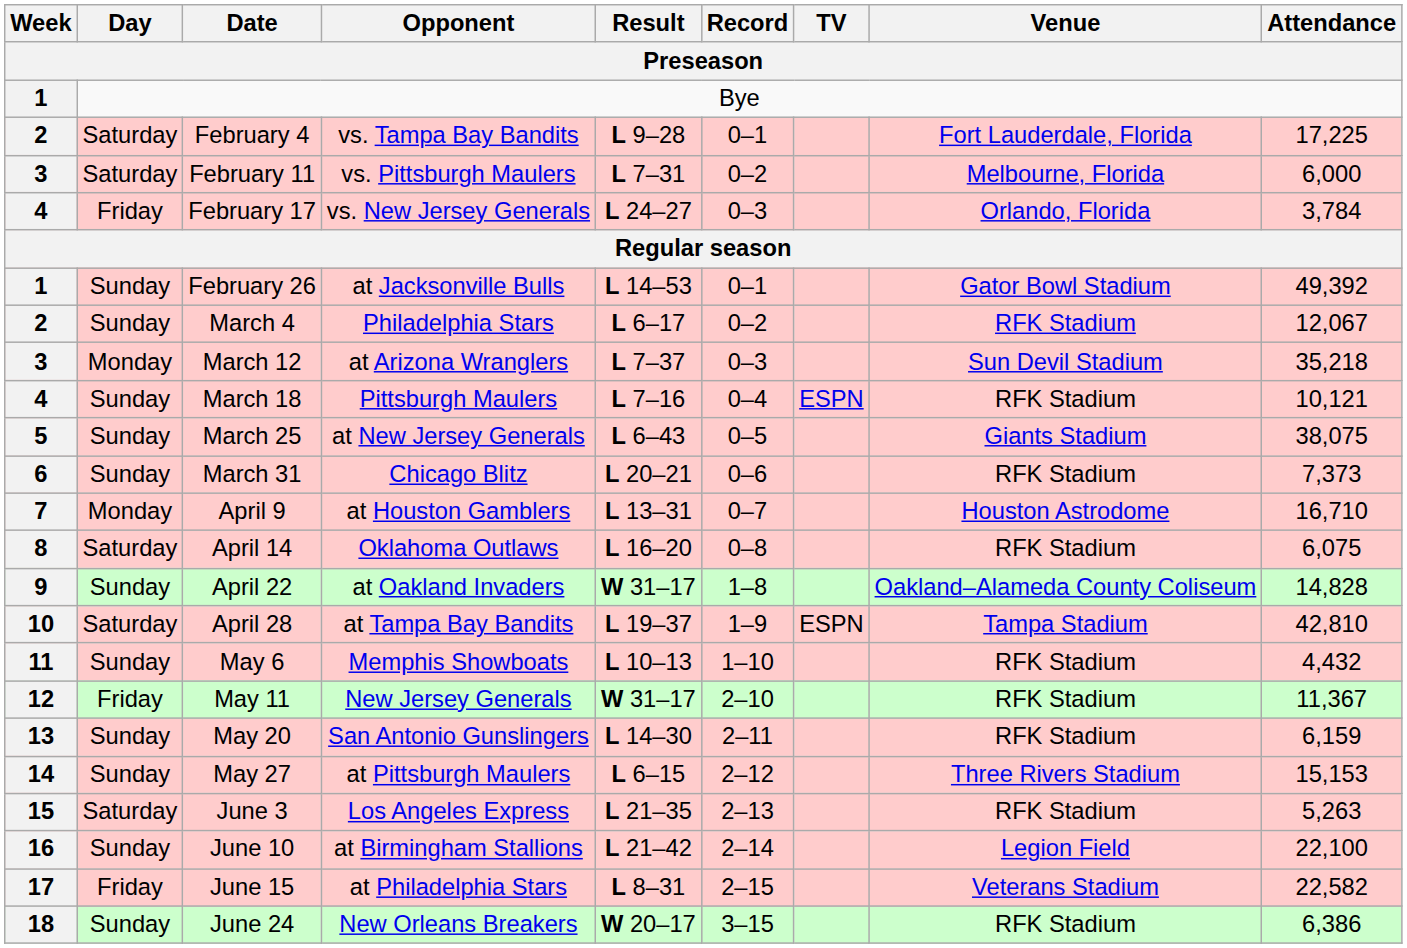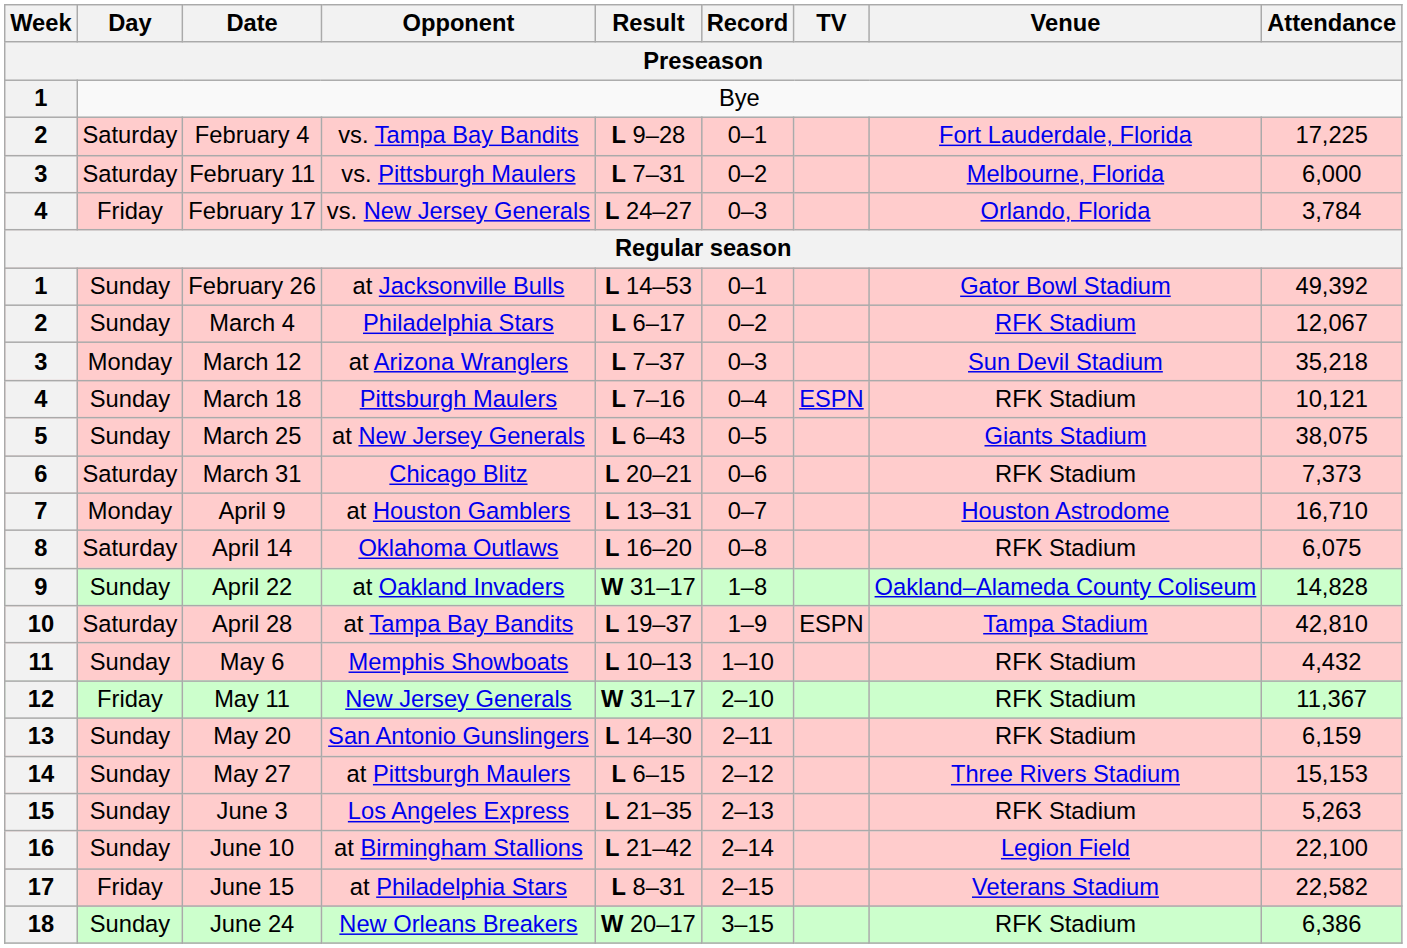 <table class="wikitable" style="text-align:center">
 <tr>
 <th>Week</th>
 <th>Day</th>
 <th>Date</th>
 <th>Opponent</th>
 <th>Result</th>
 <th>Record</th>
 <th>TV</th>
 <th>Venue</th>
 <th>Attendance</th>
 </tr>
 <tr>
 <th colspan="9">Preseason</th>
 </tr>
 <tr>
 <th>1</th>
 <td colspan=8>Bye</td>
 </tr>
 <tr style="background:#fcc">
 <th>2</th>
 <td>Saturday</td>
 <td>February 4</td>
 <td>vs. <a href='#'>Tampa Bay Bandits</a></td>
 <td><strong>L</strong> 9–28</td>
 <td>0–1</td>
 <td></td>
 <td><a href='#'>Fort Lauderdale, Florida</a></td>
 <td>17,225</td>
 </tr>
 <tr style="background:#fcc">
 <th>3</th>
 <td>Saturday</td>
 <td>February 11</td>
 <td>vs. <a href='#'>Pittsburgh Maulers</a></td>
 <td><strong>L</strong> 7–31</td>
 <td>0–2</td>
 <td></td>
 <td><a href='#'>Melbourne, Florida</a></td>
 <td>6,000</td>
 </tr>
 <tr style="background:#fcc">
 <th>4</th>
 <td>Friday</td>
 <td>February 17</td>
 <td>vs. <a href='#'>New Jersey Generals</a></td>
 <td><strong>L</strong> 24–27</td>
 <td>0–3</td>
 <td></td>
 <td><a href='#'>Orlando, Florida</a></td>
 <td>3,784</td>
 </tr>
 <tr>
 <th colspan="9">Regular season</th>
 </tr>
 <tr style="background:#fcc">
 <th>1</th>
 <td>Sunday</td>
 <td>February 26</td>
 <td>at <a href='#'>Jacksonville Bulls</a></td>
 <td><strong>L</strong> 14–53</td>
 <td>0–1</td>
 <td></td>
 <td><a href='#'>Gator Bowl Stadium</a></td>
 <td>49,392</td>
 </tr>
 <tr style="background:#fcc">
 <th>2</th>
 <td>Sunday</td>
 <td>March 4</td>
 <td><a href='#'>Philadelphia Stars</a></td>
 <td><strong>L</strong> 6–17</td>
 <td>0–2</td>
 <td></td>
 <td><a href='#'>RFK Stadium</a></td>
 <td>12,067</td>
 </tr>
 <tr style="background:#fcc">
 <th>3</th>
 <td>Monday</td>
 <td>March 12</td>
 <td>at <a href='#'>Arizona Wranglers</a></td>
 <td><strong>L</strong> 7–37</td>
 <td>0–3</td>
 <td></td>
 <td><a href='#'>Sun Devil Stadium</a></td>
 <td>35,218</td>
 </tr>
 <tr style="background:#fcc">
 <th>4</th>
 <td>Sunday</td>
 <td>March 18</td>
 <td><a href='#'>Pittsburgh Maulers</a></td>
 <td><strong>L</strong> 7–16</td>
 <td>0–4</td>
 <td><a href='#'>ESPN</a></td>
 <td>RFK Stadium</td>
 <td>10,121</td>
 </tr>
 <tr style="background:#fcc">
 <th>5</th>
 <td>Sunday</td>
 <td>March 25</td>
 <td>at <a href='#'>New Jersey Generals</a></td>
 <td><strong>L</strong> 6–43</td>
 <td>0–5</td>
 <td></td>
 <td><a href='#'>Giants Stadium</a></td>
 <td>38,075</td>
 </tr>
 <tr style="background:#fcc">
 <th>6</th>
-<td>Sunday</td>
+<td>Saturday</td>
 <td>March 31</td>
 <td><a href='#'>Chicago Blitz</a></td>
 <td><strong>L</strong> 20–21</td>
 <td>0–6</td>
 <td></td>
 <td>RFK Stadium</td>
 <td>7,373</td>
 </tr>
 <tr style="background:#fcc">
 <th>7</th>
 <td>Monday</td>
 <td>April 9</td>
 <td>at <a href='#'>Houston Gamblers</a></td>
 <td><strong>L</strong> 13–31</td>
 <td>0–7</td>
 <td></td>
 <td><a href='#'>Houston Astrodome</a></td>
 <td>16,710</td>
 </tr>
 <tr style="background:#fcc">
 <th>8</th>
 <td>Saturday</td>
 <td>April 14</td>
 <td><a href='#'>Oklahoma Outlaws</a></td>
 <td><strong>L</strong> 16–20</td>
 <td>0–8</td>
 <td></td>
 <td>RFK Stadium</td>
 <td>6,075</td>
 </tr>
 <tr style="background:#cfc">
 <th>9</th>
 <td>Sunday</td>
 <td>April 22</td>
 <td>at <a href='#'>Oakland Invaders</a></td>
 <td><strong>W</strong> 31–17</td>
 <td>1–8</td>
 <td></td>
 <td><a href='#'>Oakland–Alameda County Coliseum</a></td>
 <td>14,828</td>
 </tr>
 <tr style="background:#fcc">
 <th>10</th>
 <td>Saturday</td>
 <td>April 28</td>
 <td>at <a href='#'>Tampa Bay Bandits</a></td>
 <td><strong>L</strong> 19–37</td>
 <td>1–9</td>
 <td>ESPN</td>
 <td><a href='#'>Tampa Stadium</a></td>
 <td>42,810</td>
 </tr>
 <tr style="background:#fcc">
 <th>11</th>
 <td>Sunday</td>
 <td>May 6</td>
 <td><a href='#'>Memphis Showboats</a></td>
 <td><strong>L</strong> 10–13 </td>
 <td>1–10</td>
 <td></td>
 <td>RFK Stadium</td>
 <td>4,432</td>
 </tr>
 <tr style="background:#cfc">
 <th>12</th>
 <td>Friday</td>
 <td>May 11</td>
 <td><a href='#'>New Jersey Generals</a></td>
 <td><strong>W</strong> 31–17</td>
 <td>2–10</td>
 <td></td>
 <td>RFK Stadium</td>
 <td>11,367</td>
 </tr>
 <tr style="background:#fcc">
 <th>13</th>
 <td>Sunday</td>
 <td>May 20</td>
 <td><a href='#'>San Antonio Gunslingers</a></td>
 <td><strong>L</strong> 14–30</td>
 <td>2–11</td>
 <td></td>
 <td>RFK Stadium</td>
 <td>6,159</td>
 </tr>
 <tr style="background:#fcc">
 <th>14</th>
 <td>Sunday</td>
 <td>May 27</td>
 <td>at <a href='#'>Pittsburgh Maulers</a></td>
 <td><strong>L</strong> 6–15</td>
 <td>2–12</td>
 <td></td>
 <td><a href='#'>Three Rivers Stadium</a></td>
 <td>15,153</td>
 </tr>
 <tr style="background:#fcc">
 <th>15</th>
-<td>Saturday</td>
+<td>Sunday</td>
 <td>June 3</td>
 <td><a href='#'>Los Angeles Express</a></td>
 <td><strong>L</strong> 21–35</td>
 <td>2–13</td>
 <td></td>
 <td>RFK Stadium</td>
 <td>5,263</td>
 </tr>
 <tr style="background:#fcc">
 <th>16</th>
 <td>Sunday</td>
 <td>June 10</td>
 <td>at <a href='#'>Birmingham Stallions</a></td>
 <td><strong>L</strong> 21–42</td>
 <td>2–14</td>
 <td></td>
 <td><a href='#'>Legion Field</a></td>
 <td>22,100</td>
 </tr>
 <tr style="background:#fcc">
 <th>17</th>
 <td>Friday</td>
 <td>June 15</td>
 <td>at <a href='#'>Philadelphia Stars</a></td>
 <td><strong>L</strong> 8–31</td>
 <td>2–15</td>
 <td></td>
 <td><a href='#'>Veterans Stadium</a></td>
 <td>22,582</td>
 </tr>
 <tr style="background:#cfc">
 <th>18</th>
 <td>Sunday</td>
 <td>June 24</td>
 <td><a href='#'>New Orleans Breakers</a></td>
 <td><strong>W</strong> 20–17</td>
 <td>3–15</td>
 <td></td>
 <td>RFK Stadium</td>
 <td>6,386</td>
 </tr>
 </table>
